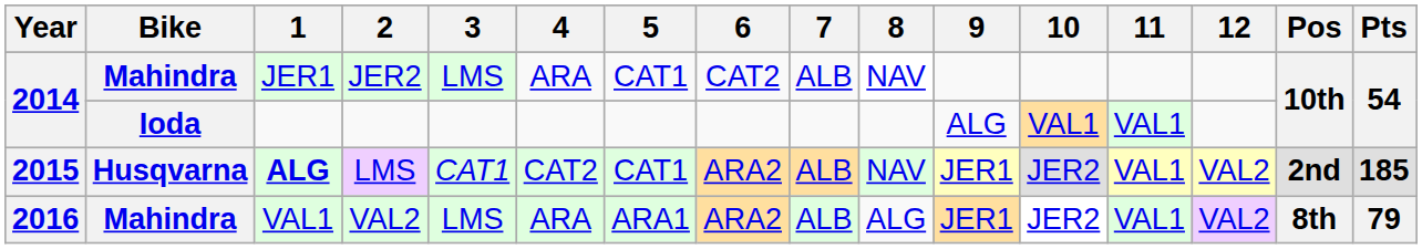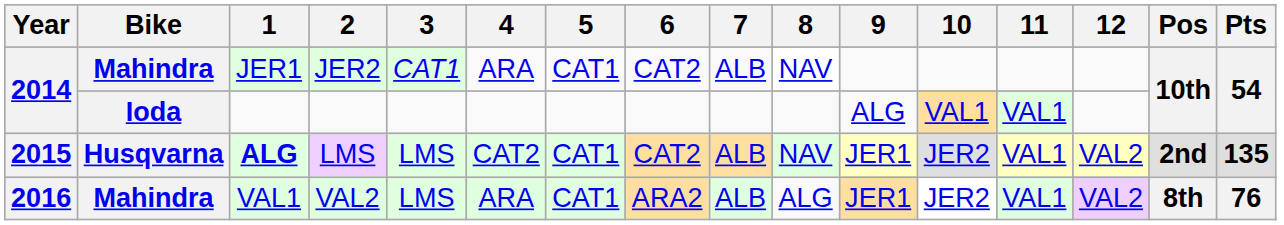 <table class="wikitable" style="text-align:center;">
 <tr>
 <th>Year</th>
 <th>Bike</th>
 <th>1</th>
 <th>2</th>
 <th>3</th>
 <th>4</th>
 <th>5</th>
 <th>6</th>
 <th>7</th>
 <th>8</th>
 <th>9</th>
 <th>10</th>
 <th>11</th>
 <th>12</th>
 <th>Pos</th>
 <th>Pts</th>
 </tr>
 <tr>
 <th rowspan="2"><a href='#'>2014</a></th>
 <th><a href='#'>Mahindra</a></th>
 <td style="background:#dfffdf;"><a href='#'>JER1</a><br></td>
 <td style="background:#dfffdf;"><a href='#'>JER2</a><br></td>
-<td style="background:#dfffdf;"><a href='#'>LMS</a><br></td>
+<td style="background:#dfffdf;"><em><a href='#'>CAT1</a></em><br></td>
 <td><a href='#'>ARA</a></td>
 <td><a href='#'>CAT1</a></td>
 <td><a href='#'>CAT2</a></td>
 <td><a href='#'>ALB</a></td>
 <td style="background:#ffffff;"><a href='#'>NAV</a><br></td>
 <td></td>
 <td></td>
 <td></td>
 <td></td>
 <th rowspan="2">10th</th>
 <th rowspan="2">54</th>
 </tr>
 <tr>
 <th><a href='#'>Ioda</a></th>
 <td></td>
 <td></td>
 <td></td>
 <td></td>
 <td></td>
 <td></td>
 <td></td>
 <td></td>
 <td><a href='#'>ALG</a></td>
 <td style="background:#ffdf9f;"><a href='#'>VAL1</a><br></td>
 <td style="background:#dfffdf;"><a href='#'>VAL1</a><br></td>
 <td></td>
 </tr>
 <tr>
 <th><a href='#'>2015</a></th>
 <th><a href='#'>Husqvarna</a></th>
 <td style="background:#dfffdf;"><strong><a href='#'>ALG</a><br></strong></td>
 <td style="background:#efcfff;"><a href='#'>LMS</a><br></td>
-<td style="background:#dfffdf;"><em><a href='#'>CAT1</a></em><br></td>
+<td style="background:#dfffdf;"><a href='#'>LMS</a><br></td>
 <td style="background:#dfffdf;"><a href='#'>CAT2</a><br></td>
 <td style="background:#dfffdf;"><a href='#'>CAT1</a><br></td>
-<td style="background:#ffdf9f;"><a href='#'>ARA2</a><br></td>
+<td style="background:#ffdf9f;"><a href='#'>CAT2</a><br></td>
 <td style="background:#ffdf9f;"><a href='#'>ALB</a><br></td>
 <td style="background:#dfffdf;"><a href='#'>NAV</a><br></td>
 <td style="background:#ffffbf;"><a href='#'>JER1</a><br></td>
 <td style="background:#dfdfdf;"><a href='#'>JER2</a><br></td>
 <td style="background:#ffffbf;"><a href='#'>VAL1</a><br></td>
 <td style="background:#ffffbf;"><a href='#'>VAL2</a><br></td>
 <th style="background:#dfdfdf;">2nd</th>
-<th style="background:#dfdfdf;">185</th>
+<th style="background:#dfdfdf;">135</th>
 </tr>
 <tr>
 <th><a href='#'>2016</a></th>
 <th><a href='#'>Mahindra</a></th>
 <td style="background:#dfffdf;"><a href='#'>VAL1</a><br></td>
 <td style="background:#dfffdf;"><a href='#'>VAL2</a><br></td>
 <td style="background:#dfffdf;"><a href='#'>LMS</a><br></td>
 <td style="background:#dfffdf;"><a href='#'>ARA</a><br></td>
-<td style="background:#dfffdf;"><a href='#'>ARA1</a><br></td>
+<td style="background:#dfffdf;"><a href='#'>CAT1</a><br></td>
 <td style="background:#ffdf9f;"><a href='#'>ARA2</a><br></td>
 <td style="background:#dfffdf;"><a href='#'>ALB</a><br></td>
 <td><a href='#'>ALG</a></td>
 <td style="background:#ffdf9f;"><a href='#'>JER1</a><br></td>
 <td style="background:#ffffff;"><a href='#'>JER2</a><br></td>
 <td style="background:#dfffdf;"><a href='#'>VAL1</a><br></td>
 <td style="background:#efcfff;"><a href='#'>VAL2</a><br></td>
 <th>8th</th>
-<th>79</th>
+<th>76</th>
 </tr>
 </table>
